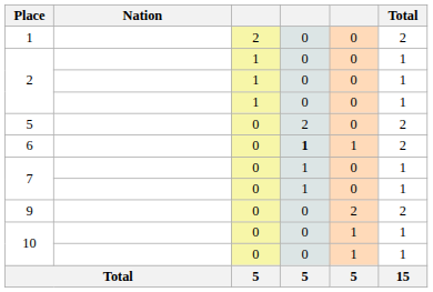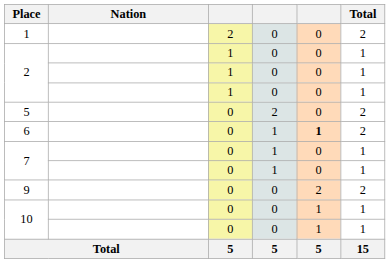 <table class="wikitable" style="border:1px solid #AAAAAA">
 <tr bgcolor="#EFEFEF">
 <th width=50>Place</th>
 <th width=200>Nation</th>
 <th width=50></th>
 <th width=50></th>
 <th width=50></th>
 <th width=50>Total</th>
 </tr>
 <tr align="center" valign="center" bgcolor="#FFFFFF">
 <td>1</td>
 <td align="left"></td>
 <td style="background:#F7F6A8;">2</td>
 <td style="background:#DCE5E5;">0</td>
 <td style="background:#FFDAB9;">0</td>
 <td>2</td>
 </tr>
 <tr align="center" valign="center" bgcolor="#FFFFFF">
 <td rowspan=3>2</td>
 <td align="left"></td>
 <td style="background:#F7F6A8;">1</td>
 <td style="background:#DCE5E5;">0</td>
 <td style="background:#FFDAB9;">0</td>
 <td>1</td>
 </tr>
 <tr align="center" valign="center" bgcolor="#FFFFFF">
 <td align="left"></td>
 <td style="background:#F7F6A8;">1</td>
 <td style="background:#DCE5E5;">0</td>
 <td style="background:#FFDAB9;">0</td>
 <td>1</td>
 </tr>
 <tr align="center" valign="center" bgcolor="#FFFFFF">
 <td align="left"></td>
 <td style="background:#F7F6A8;">1</td>
 <td style="background:#DCE5E5;">0</td>
 <td style="background:#FFDAB9;">0</td>
 <td>1</td>
 </tr>
 <tr align="center" valign="center" bgcolor="#FFFFFF">
 <td>5</td>
 <td align="left"></td>
 <td style="background:#F7F6A8;">0</td>
 <td style="background:#DCE5E5;">2</td>
 <td style="background:#FFDAB9;">0</td>
 <td>2</td>
 </tr>
 <tr align="center" valign="center" bgcolor="#FFFFFF">
 <td>6</td>
 <td align="left"></td>
 <td style="background:#F7F6A8;">0</td>
-<td style="background:#DCE5E5;"><strong>1</strong></td>
-<td style="background:#FFDAB9;">1</td>
+<td style="background:#DCE5E5;">1</td>
+<td style="background:#FFDAB9;"><strong>1</strong></td>
 <td>2</td>
 </tr>
 <tr align="center" valign="center" bgcolor="#FFFFFF">
 <td rowspan=2>7</td>
 <td align="left"></td>
 <td style="background:#F7F6A8;">0</td>
 <td style="background:#DCE5E5;">1</td>
 <td style="background:#FFDAB9;">0</td>
 <td>1</td>
 </tr>
 <tr align="center" valign="center" bgcolor="#FFFFFF">
 <td align="left"></td>
 <td style="background:#F7F6A8;">0</td>
 <td style="background:#DCE5E5;">1</td>
 <td style="background:#FFDAB9;">0</td>
 <td>1</td>
 </tr>
 <tr align="center" valign="center" bgcolor="#FFFFFF">
 <td>9</td>
 <td align="left"></td>
 <td style="background:#F7F6A8;">0</td>
 <td style="background:#DCE5E5;">0</td>
 <td style="background:#FFDAB9;">2</td>
 <td>2</td>
 </tr>
 <tr align="center" valign="center" bgcolor="#FFFFFF">
 <td rowspan=2>10</td>
 <td align="left"></td>
 <td style="background:#F7F6A8;">0</td>
 <td style="background:#DCE5E5;">0</td>
 <td style="background:#FFDAB9;">1</td>
 <td>1</td>
 </tr>
 <tr align="center" valign="center" bgcolor="#FFFFFF">
 <td align="left"></td>
 <td style="background:#F7F6A8;">0</td>
 <td style="background:#DCE5E5;">0</td>
 <td style="background:#FFDAB9;">1</td>
 <td>1</td>
 </tr>
 <tr bgcolor="#EFEFEF">
 <th colspan=2>Total</th>
 <th>5</th>
 <th>5</th>
 <th>5</th>
 <th>15</th>
 </tr>
 </table>
